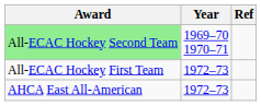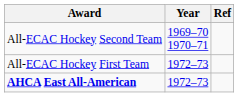 <table class="wikitable">
 <tr>
 <th>Award</th>
 <th>Year</th>
 <th>Ref</th>
 </tr>
 <tr>
-<td style="background: lightgreen;">All-<a href='#'>ECAC Hockey</a> <a href='#'>Second Team</a></td>
+<td>All-<a href='#'>ECAC Hockey</a> <a href='#'>Second Team</a></td>
 <td><a href='#'>1969–70</a><br><a href='#'>1970–71</a></td>
 <td></td>
 </tr>
 <tr>
 <td>All-<a href='#'>ECAC Hockey</a> <a href='#'>First Team</a></td>
 <td><a href='#'>1972–73</a></td>
 <td></td>
 </tr>
 <tr>
-<td><a href='#'>AHCA</a> <a href='#'>East All-American</a></td>
+<td><strong><a href='#'>AHCA</a> <a href='#'>East All-American</a></strong></td>
 <td><a href='#'>1972–73</a></td>
 <td></td>
 </tr>
 </table>
